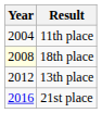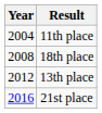 <table class="wikitable"  style="text-align:center;">
 <tr>
 <th>Year</th>
 <th>Result</th>
 </tr>
 <tr>
 <td> 2004</td>
 <td>11th place</td>
 </tr>
 <tr>
-<td style="background: lightyellow;"> 2008</td>
+<td> 2008</td>
 <td>18th place</td>
 </tr>
 <tr>
 <td> 2012</td>
 <td>13th place</td>
 </tr>
 <tr>
 <td> <a href='#'>2016</a></td>
 <td>21st place</td>
 </tr>
 </table>
